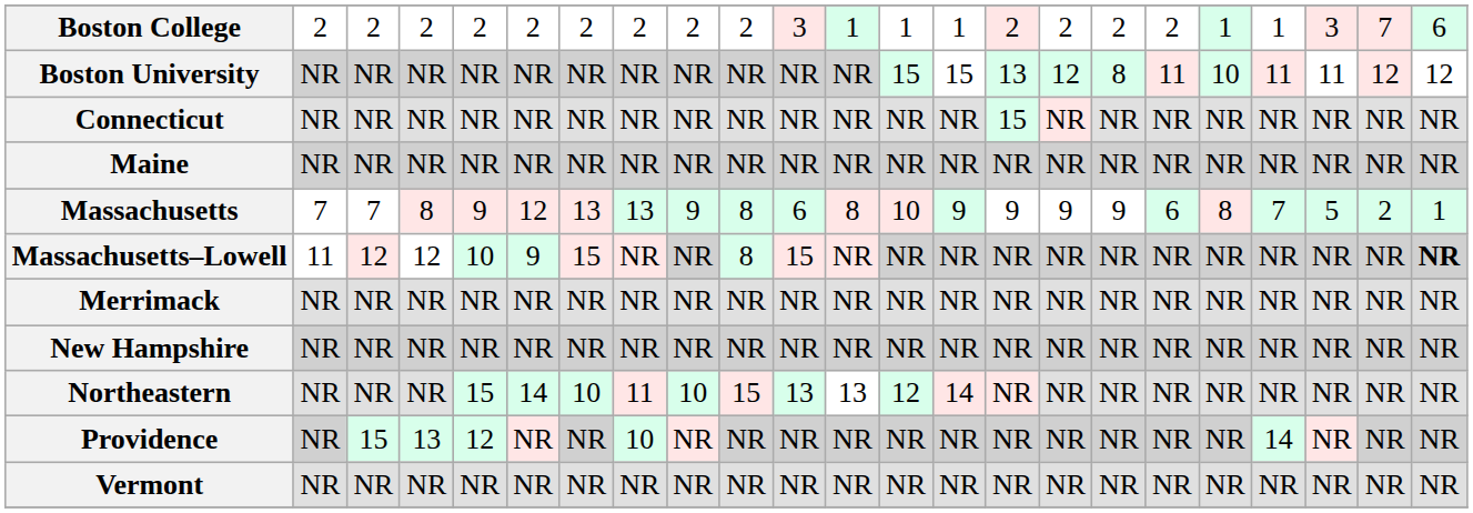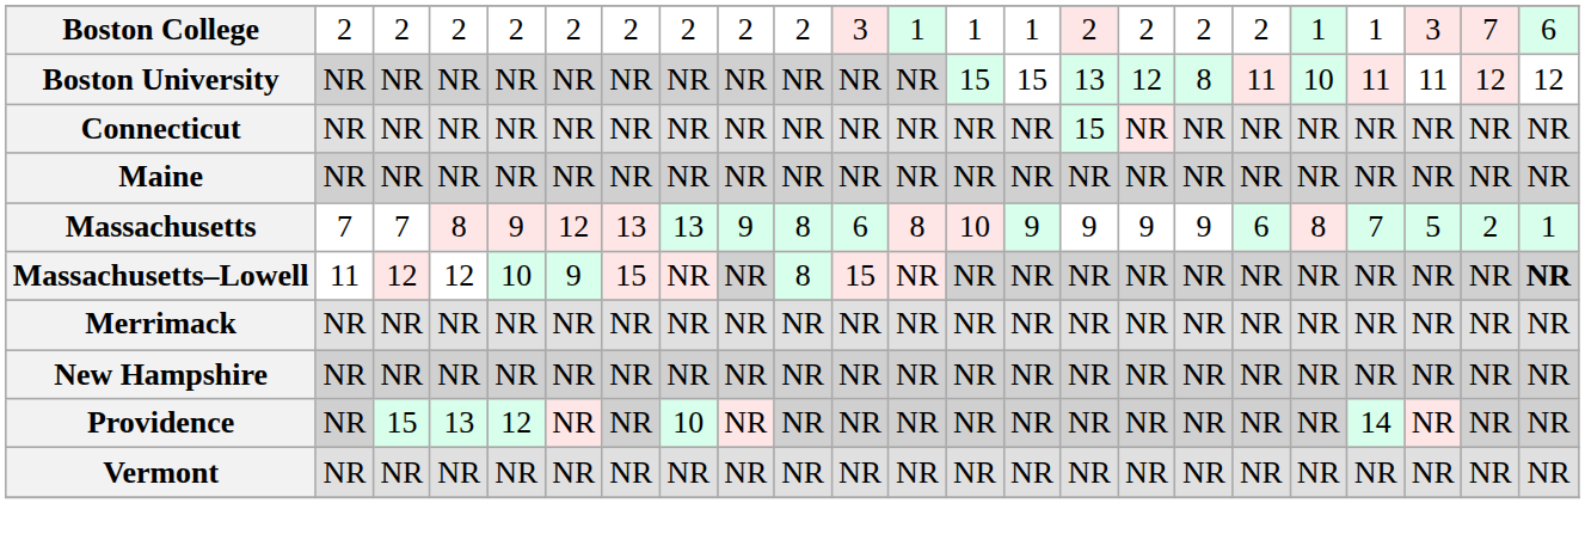 <table class="wikitable sortable" style="text-align: center;">
 <tr>
 </tr>
 <tr>
 <th>Boston College</th>
 <td bgcolor=FFFFFF>2</td>
 <td bgcolor=FFFFFF>2</td>
 <td bgcolor=FFFFFF>2</td>
 <td bgcolor=FFFFFF>2</td>
 <td bgcolor=FFFFFF>2</td>
 <td bgcolor=FFFFFF>2</td>
 <td bgcolor=FFFFFF>2</td>
 <td bgcolor=FFFFFF>2</td>
 <td bgcolor=FFFFFF>2</td>
 <td bgcolor=FFE6E6>3</td>
 <td bgcolor=D8FFEB>1</td>
 <td bgcolor=FFFFFF>1</td>
 <td bgcolor=FFFFFF>1</td>
 <td bgcolor=FFE6E6>2</td>
 <td bgcolor=FFFFFF>2</td>
 <td bgcolor=FFFFFF>2</td>
 <td bgcolor=FFFFFF>2</td>
 <td bgcolor=D8FFEB>1</td>
 <td bgcolor=FFFFFF>1</td>
 <td bgcolor=FFE6E6>3</td>
 <td bgcolor=FFE6E6>7</td>
 <td bgcolor=D8FFEB>6</td>
 </tr>
 <tr bgcolor=f0f0f0>
 <th>Boston University</th>
 <td bgcolor=d0d0d0>NR</td>
 <td bgcolor=d0d0d0>NR</td>
 <td bgcolor=d0d0d0>NR</td>
 <td bgcolor=d0d0d0>NR</td>
 <td bgcolor=d0d0d0>NR</td>
 <td bgcolor=d0d0d0>NR</td>
 <td bgcolor=d0d0d0>NR</td>
 <td bgcolor=d0d0d0>NR</td>
 <td bgcolor=d0d0d0>NR</td>
 <td bgcolor=d0d0d0>NR</td>
 <td bgcolor=d0d0d0>NR</td>
 <td bgcolor=D8FFEB>15</td>
 <td bgcolor=FFFFFF>15</td>
 <td bgcolor=D8FFEB>13</td>
 <td bgcolor=D8FFEB>12</td>
 <td bgcolor=D8FFEB>8</td>
 <td bgcolor=FFE6E6>11</td>
 <td bgcolor=D8FFEB>10</td>
 <td bgcolor=FFE6E6>11</td>
 <td bgcolor=FFFFFF>11</td>
 <td bgcolor=FFE6E6>12</td>
 <td bgcolor=FFFFFF>12</td>
 </tr>
 <tr>
 <th>Connecticut</th>
 <td bgcolor=e0e0e0>NR</td>
 <td bgcolor=e0e0e0>NR</td>
 <td bgcolor=e0e0e0>NR</td>
 <td bgcolor=e0e0e0>NR</td>
 <td bgcolor=e0e0e0>NR</td>
 <td bgcolor=e0e0e0>NR</td>
 <td bgcolor=e0e0e0>NR</td>
 <td bgcolor=e0e0e0>NR</td>
 <td bgcolor=e0e0e0>NR</td>
 <td bgcolor=e0e0e0>NR</td>
 <td bgcolor=e0e0e0>NR</td>
 <td bgcolor=e0e0e0>NR</td>
 <td bgcolor=e0e0e0>NR</td>
 <td bgcolor=D8FFEB>15</td>
 <td bgcolor=FFE6E6>NR</td>
 <td bgcolor=e0e0e0>NR</td>
 <td bgcolor=e0e0e0>NR</td>
 <td bgcolor=e0e0e0>NR</td>
 <td bgcolor=e0e0e0>NR</td>
 <td bgcolor=e0e0e0>NR</td>
 <td bgcolor=e0e0e0>NR</td>
 <td bgcolor=e0e0e0>NR</td>
 </tr>
 <tr bgcolor=f0f0f0>
 <th>Maine</th>
 <td bgcolor=d0d0d0>NR</td>
 <td bgcolor=d0d0d0>NR</td>
 <td bgcolor=d0d0d0>NR</td>
 <td bgcolor=d0d0d0>NR</td>
 <td bgcolor=d0d0d0>NR</td>
 <td bgcolor=d0d0d0>NR</td>
 <td bgcolor=d0d0d0>NR</td>
 <td bgcolor=d0d0d0>NR</td>
 <td bgcolor=d0d0d0>NR</td>
 <td bgcolor=d0d0d0>NR</td>
 <td bgcolor=d0d0d0>NR</td>
 <td bgcolor=d0d0d0>NR</td>
 <td bgcolor=d0d0d0>NR</td>
 <td bgcolor=d0d0d0>NR</td>
 <td bgcolor=d0d0d0>NR</td>
 <td bgcolor=d0d0d0>NR</td>
 <td bgcolor=d0d0d0>NR</td>
 <td bgcolor=d0d0d0>NR</td>
 <td bgcolor=d0d0d0>NR</td>
 <td bgcolor=d0d0d0>NR</td>
 <td bgcolor=d0d0d0>NR</td>
 <td bgcolor=d0d0d0>NR</td>
 </tr>
 <tr>
 <th>Massachusetts</th>
 <td bgcolor=FFFFFF>7</td>
 <td bgcolor=FFFFFF>7</td>
 <td bgcolor=FFE6E6>8</td>
 <td bgcolor=FFE6E6>9</td>
 <td bgcolor=FFE6E6>12</td>
 <td bgcolor=FFE6E6>13</td>
 <td bgcolor=D8FFEB>13</td>
 <td bgcolor=D8FFEB>9</td>
 <td bgcolor=D8FFEB>8</td>
 <td bgcolor=D8FFEB>6</td>
 <td bgcolor=FFE6E6>8</td>
 <td bgcolor=FFE6E6>10</td>
 <td bgcolor=D8FFEB>9</td>
 <td bgcolor=FFFFFF>9</td>
 <td bgcolor=FFFFFF>9</td>
 <td bgcolor=FFFFFF>9</td>
 <td bgcolor=D8FFEB>6</td>
 <td bgcolor=FFE6E6>8</td>
 <td bgcolor=D8FFEB>7</td>
 <td bgcolor=D8FFEB>5</td>
 <td bgcolor=D8FFEB>2</td>
 <td bgcolor=D8FFEB>1</td>
 </tr>
 <tr bgcolor=f0f0f0>
 <th>Massachusetts–Lowell</th>
 <td bgcolor=FFFFFF>11</td>
 <td bgcolor=FFE6E6>12</td>
 <td bgcolor=FFFFFF>12</td>
 <td bgcolor=D8FFEB>10</td>
 <td bgcolor=D8FFEB>9</td>
 <td bgcolor=FFE6E6>15</td>
 <td bgcolor=FFE6E6>NR</td>
 <td bgcolor=d0d0d0>NR</td>
 <td bgcolor=D8FFEB>8</td>
 <td bgcolor=FFE6E6>15</td>
 <td bgcolor=FFE6E6>NR</td>
 <td bgcolor=d0d0d0>NR</td>
 <td bgcolor=d0d0d0>NR</td>
 <td bgcolor=d0d0d0>NR</td>
 <td bgcolor=d0d0d0>NR</td>
 <td bgcolor=d0d0d0>NR</td>
 <td bgcolor=d0d0d0>NR</td>
 <td bgcolor=d0d0d0>NR</td>
 <td bgcolor=d0d0d0>NR</td>
 <td bgcolor=d0d0d0>NR</td>
 <td bgcolor=d0d0d0>NR</td>
 <td bgcolor=d0d0d0><strong>NR</strong></td>
 </tr>
 <tr>
 <th>Merrimack</th>
 <td bgcolor=e0e0e0>NR</td>
 <td bgcolor=e0e0e0>NR</td>
 <td bgcolor=e0e0e0>NR</td>
 <td bgcolor=e0e0e0>NR</td>
 <td bgcolor=e0e0e0>NR</td>
 <td bgcolor=e0e0e0>NR</td>
 <td bgcolor=e0e0e0>NR</td>
 <td bgcolor=e0e0e0>NR</td>
 <td bgcolor=e0e0e0>NR</td>
 <td bgcolor=e0e0e0>NR</td>
 <td bgcolor=e0e0e0>NR</td>
 <td bgcolor=e0e0e0>NR</td>
 <td bgcolor=e0e0e0>NR</td>
 <td bgcolor=e0e0e0>NR</td>
 <td bgcolor=e0e0e0>NR</td>
 <td bgcolor=e0e0e0>NR</td>
 <td bgcolor=e0e0e0>NR</td>
 <td bgcolor=e0e0e0>NR</td>
 <td bgcolor=e0e0e0>NR</td>
 <td bgcolor=e0e0e0>NR</td>
 <td bgcolor=e0e0e0>NR</td>
 <td bgcolor=e0e0e0>NR</td>
 </tr>
 <tr bgcolor=f0f0f0>
 <th>New Hampshire</th>
 <td bgcolor=d0d0d0>NR</td>
 <td bgcolor=d0d0d0>NR</td>
 <td bgcolor=d0d0d0>NR</td>
 <td bgcolor=d0d0d0>NR</td>
 <td bgcolor=d0d0d0>NR</td>
 <td bgcolor=d0d0d0>NR</td>
 <td bgcolor=d0d0d0>NR</td>
 <td bgcolor=d0d0d0>NR</td>
 <td bgcolor=d0d0d0>NR</td>
 <td bgcolor=d0d0d0>NR</td>
 <td bgcolor=d0d0d0>NR</td>
 <td bgcolor=d0d0d0>NR</td>
 <td bgcolor=d0d0d0>NR</td>
 <td bgcolor=d0d0d0>NR</td>
 <td bgcolor=d0d0d0>NR</td>
 <td bgcolor=d0d0d0>NR</td>
 <td bgcolor=d0d0d0>NR</td>
 <td bgcolor=d0d0d0>NR</td>
 <td bgcolor=d0d0d0>NR</td>
 <td bgcolor=d0d0d0>NR</td>
 <td bgcolor=d0d0d0>NR</td>
 <td bgcolor=d0d0d0>NR</td>
 </tr>
-<tr>
-<th>Northeastern</th>
-<td bgcolor=e0e0e0>NR</td>
-<td bgcolor=e0e0e0>NR</td>
-<td bgcolor=e0e0e0>NR</td>
-<td bgcolor=D8FFEB>15</td>
-<td bgcolor=D8FFEB>14</td>
-<td bgcolor=D8FFEB>10</td>
-<td bgcolor=FFE6E6>11</td>
-<td bgcolor=D8FFEB>10</td>
-<td bgcolor=FFE6E6>15</td>
-<td bgcolor=D8FFEB>13</td>
-<td bgcolor=FFFFFF>13</td>
-<td bgcolor=D8FFEB>12</td>
-<td bgcolor=FFE6E6>14</td>
-<td bgcolor=FFE6E6>NR</td>
-<td bgcolor=e0e0e0>NR</td>
-<td bgcolor=e0e0e0>NR</td>
-<td bgcolor=e0e0e0>NR</td>
-<td bgcolor=e0e0e0>NR</td>
-<td bgcolor=e0e0e0>NR</td>
-<td bgcolor=e0e0e0>NR</td>
-<td bgcolor=e0e0e0>NR</td>
-<td bgcolor=e0e0e0>NR</td>
-</tr>
 <tr bgcolor=f0f0f0>
 <th>Providence</th>
 <td bgcolor=d0d0d0>NR</td>
 <td bgcolor=D8FFEB>15</td>
 <td bgcolor=D8FFEB>13</td>
 <td bgcolor=D8FFEB>12</td>
 <td bgcolor=FFE6E6>NR</td>
 <td bgcolor=d0d0d0>NR</td>
 <td bgcolor=D8FFEB>10</td>
 <td bgcolor=FFE6E6>NR</td>
 <td bgcolor=d0d0d0>NR</td>
 <td bgcolor=d0d0d0>NR</td>
 <td bgcolor=d0d0d0>NR</td>
 <td bgcolor=d0d0d0>NR</td>
 <td bgcolor=d0d0d0>NR</td>
 <td bgcolor=d0d0d0>NR</td>
 <td bgcolor=d0d0d0>NR</td>
 <td bgcolor=d0d0d0>NR</td>
 <td bgcolor=d0d0d0>NR</td>
 <td bgcolor=d0d0d0>NR</td>
 <td bgcolor=D8FFEB>14</td>
 <td bgcolor=FFE6E6>NR</td>
 <td bgcolor=d0d0d0>NR</td>
 <td bgcolor=d0d0d0>NR</td>
 </tr>
 <tr>
 <th>Vermont</th>
 <td bgcolor=e0e0e0>NR</td>
 <td bgcolor=e0e0e0>NR</td>
 <td bgcolor=e0e0e0>NR</td>
 <td bgcolor=e0e0e0>NR</td>
 <td bgcolor=e0e0e0>NR</td>
 <td bgcolor=e0e0e0>NR</td>
 <td bgcolor=e0e0e0>NR</td>
 <td bgcolor=e0e0e0>NR</td>
 <td bgcolor=e0e0e0>NR</td>
 <td bgcolor=e0e0e0>NR</td>
 <td bgcolor=e0e0e0>NR</td>
 <td bgcolor=e0e0e0>NR</td>
 <td bgcolor=e0e0e0>NR</td>
 <td bgcolor=e0e0e0>NR</td>
 <td bgcolor=e0e0e0>NR</td>
 <td bgcolor=e0e0e0>NR</td>
 <td bgcolor=e0e0e0>NR</td>
 <td bgcolor=e0e0e0>NR</td>
 <td bgcolor=e0e0e0>NR</td>
 <td bgcolor=e0e0e0>NR</td>
 <td bgcolor=e0e0e0>NR</td>
 <td bgcolor=e0e0e0>NR</td>
 </tr>
 <tr>
 </tr>
 </table>
